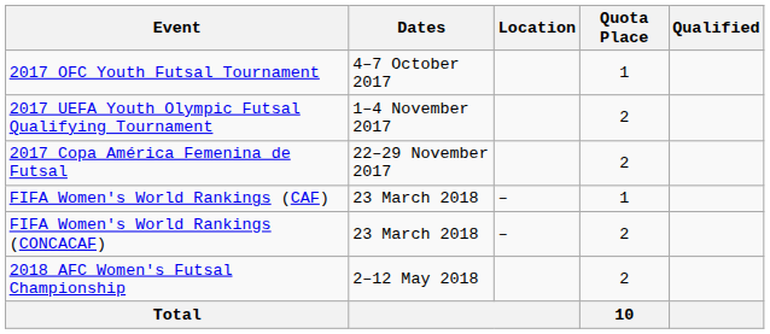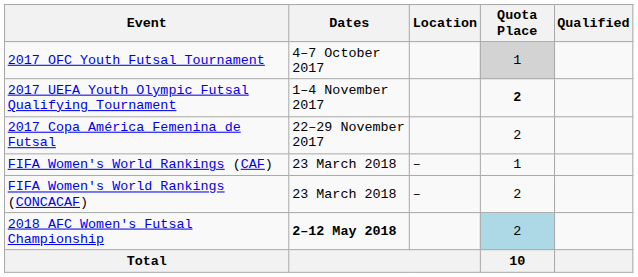 <table class="wikitable">
 <tr>
 <th>Event</th>
 <th>Dates</th>
 <th>Location</th>
 <th>Quota Place</th>
 <th>Qualified</th>
 </tr>
 <tr>
 <td><a href='#'>2017 OFC Youth Futsal Tournament</a></td>
 <td>4–7 October 2017</td>
 <td></td>
-<td align=center>1</td>
+<td align=center style="background: lightgrey;">1</td>
 <td></td>
 </tr>
 <tr>
 <td><a href='#'>2017 UEFA Youth Olympic Futsal Qualifying Tournament</a></td>
 <td>1–4 November 2017</td>
 <td><br></td>
-<td align=center>2</td>
+<td align=center><strong>2</strong></td>
 <td><br></td>
 </tr>
 <tr>
 <td><a href='#'>2017 Copa América Femenina de Futsal</a></td>
 <td>22–29 November 2017</td>
 <td></td>
 <td align=center>2</td>
 <td><br></td>
 </tr>
 <tr>
 <td><a href='#'>FIFA Women's World Rankings</a> (<a href='#'>CAF</a>)</td>
 <td>23 March 2018</td>
 <td>–</td>
 <td align=center>1</td>
 <td></td>
 </tr>
 <tr>
 <td><a href='#'>FIFA Women's World Rankings</a> (<a href='#'>CONCACAF</a>)</td>
 <td>23 March 2018</td>
 <td>–</td>
 <td align=center>2</td>
 <td><br></td>
 </tr>
 <tr>
 <td><a href='#'>2018 AFC Women's Futsal Championship</a></td>
-<td>2–12 May 2018</td>
+<td><strong>2–12 May 2018</strong></td>
 <td></td>
-<td align=center>2</td>
+<td align=center style="background: lightblue;">2</td>
 <td><br></td>
 </tr>
 <tr>
 <th>Total</th>
 <th colspan=2></th>
 <th>10</th>
 <th></th>
 </tr>
 </table>
